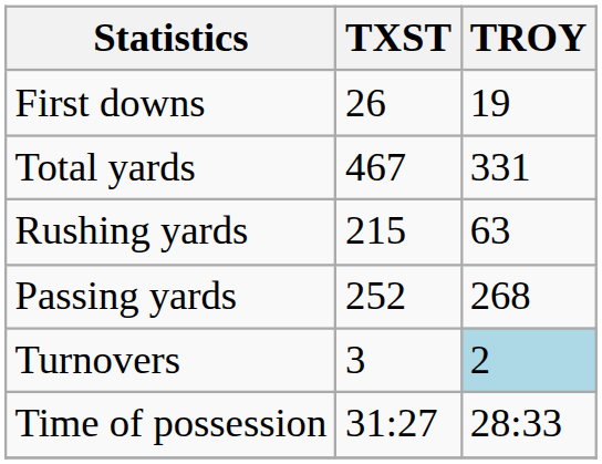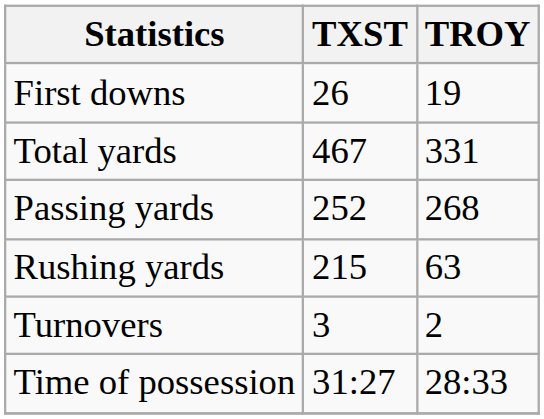 <table class="wikitable" style="float: left;">
 <tr>
 <th>Statistics</th>
 <th>TXST</th>
 <th>TROY</th>
 </tr>
 <tr>
 <td>First downs</td>
 <td>26</td>
 <td>19</td>
 </tr>
 <tr>
 <td>Total yards</td>
 <td>467</td>
 <td>331</td>
 </tr>
 <tr>
+<td>Passing yards</td>
+<td>252</td>
+<td>268</td>
+</tr>
+<tr>
 <td>Rushing yards</td>
 <td>215</td>
 <td>63</td>
 </tr>
 <tr>
-<td>Passing yards</td>
-<td>252</td>
-<td>268</td>
-</tr>
-<tr>
 <td>Turnovers</td>
 <td>3</td>
-<td style="background: lightblue;">2</td>
+<td>2</td>
 </tr>
 <tr>
 <td>Time of possession</td>
 <td>31:27</td>
 <td>28:33</td>
 </tr>
 <tr>
 </tr>
 </table>
